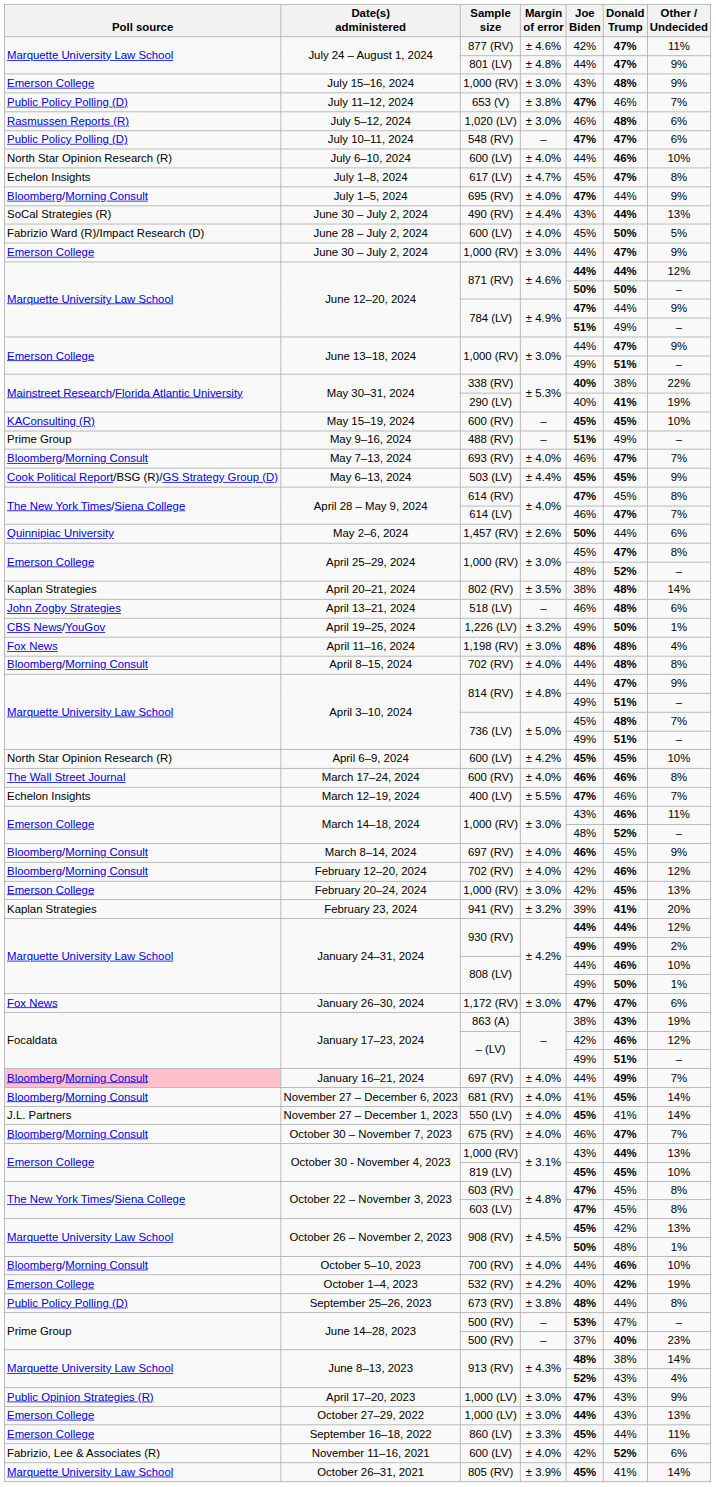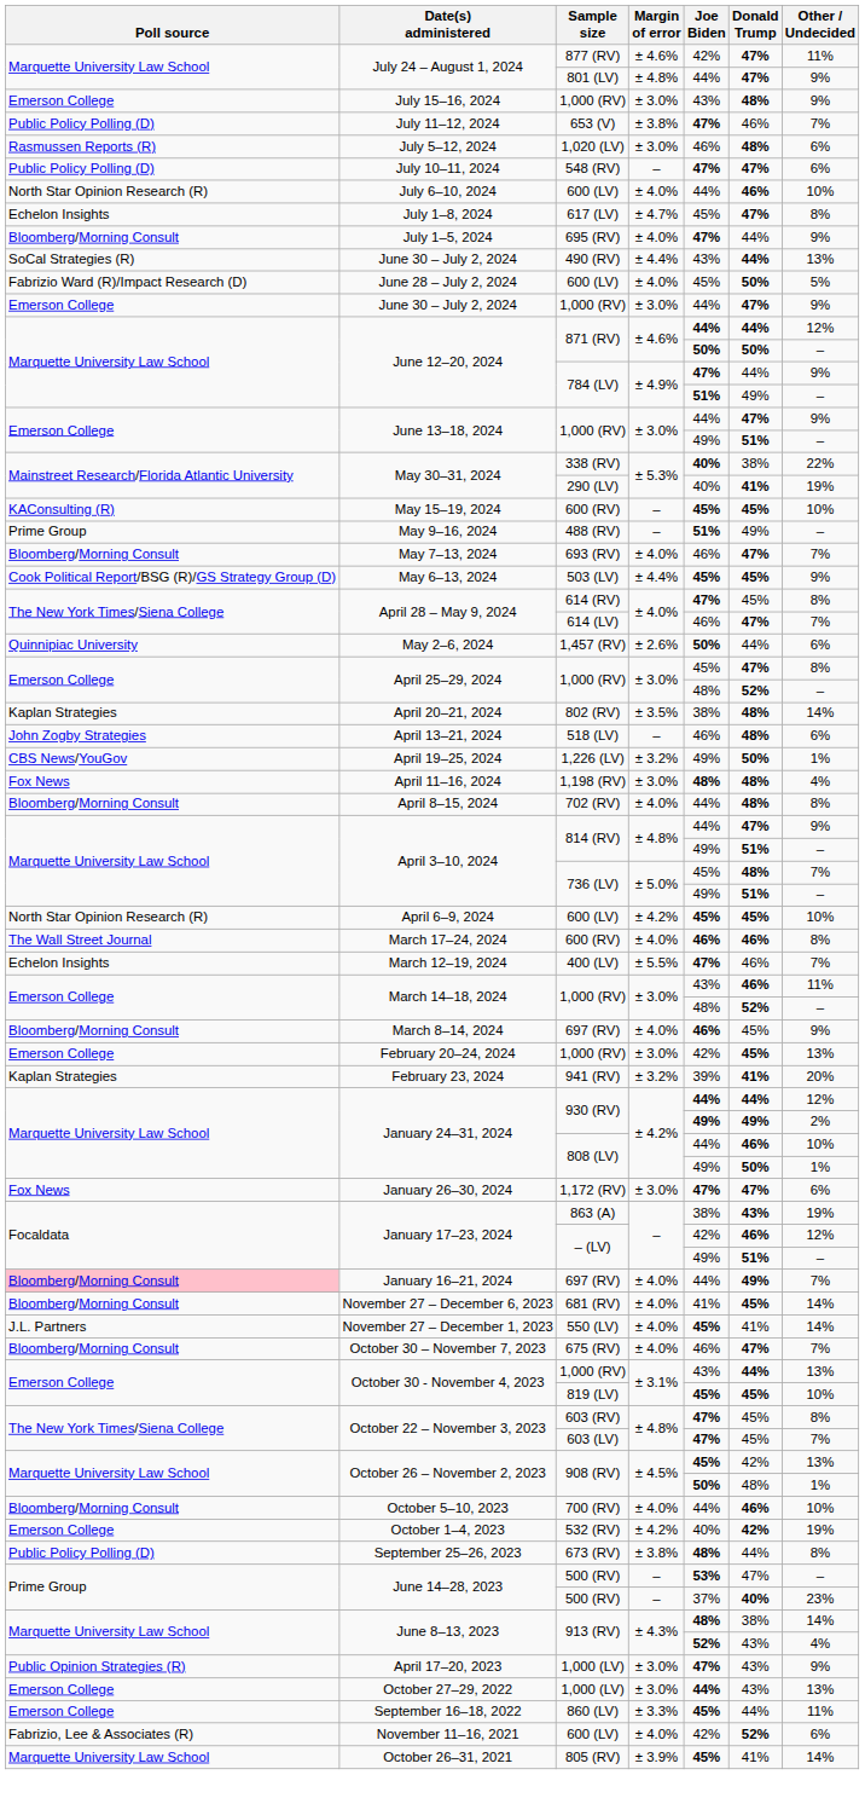 <table class="wikitable sortable mw-datatable" style="font-size:90%;text-align:center;line-height:17px">
 <tr valign=bottom>
 <th>Poll source</th>
 <th>Date(s)<br>administered</th>
 <th>Sample<br>size</th>
 <th>Margin<br>of error</th>
 <th class="unsortable">Joe<br>Biden<br></th>
 <th class="unsortable">Donald<br>Trump<br></th>
 <th class="unsortable">Other /<br>Undecided</th>
 </tr>
 <tr>
 <td style="text-align:left;" rowspan="2"><a href='#'>Marquette University Law School</a></td>
 <td rowspan="2">July 24 – August 1, 2024</td>
 <td>877 (RV)</td>
 <td>± 4.6%</td>
 <td>42%</td>
 <td style="background-color:"><strong>47%</strong></td>
 <td>11%</td>
 </tr>
 <tr>
 <td>801 (LV)</td>
 <td>± 4.8%</td>
 <td>44%</td>
 <td style="background-color:"><strong>47%</strong></td>
 <td>9%</td>
 </tr>
 <tr>
 <td style="text-align:left;"><a href='#'>Emerson College</a></td>
 <td data-sort-value="2024-07-18">July 15–16, 2024</td>
 <td>1,000 (RV)</td>
 <td>± 3.0%</td>
 <td>43%</td>
 <td style="background-color:"><strong>48%</strong></td>
 <td>9%</td>
 </tr>
 <tr>
 <td style="text-align:left;"><a href='#'>Public Policy Polling (D)</a></td>
 <td data-sort-value="2024-07-17">July 11–12, 2024</td>
 <td>653 (V)</td>
 <td>± 3.8%</td>
 <td style="color:black;background-color:"><strong>47%</strong></td>
 <td>46%</td>
 <td>7%</td>
 </tr>
 <tr>
 <td style="text-align:left;"><a href='#'>Rasmussen Reports (R)</a></td>
 <td data-sort-value="2024-07-19">July 5–12, 2024</td>
 <td>1,020 (LV)</td>
 <td>± 3.0%</td>
 <td>46%</td>
 <td style="background-color:"><strong>48%</strong></td>
 <td>6%</td>
 </tr>
 <tr>
 <td style="text-align:left;"><a href='#'>Public Policy Polling (D)</a></td>
 <td data-sort-value="2024-07-22">July 10–11, 2024</td>
 <td>548 (RV)</td>
 <td>–</td>
 <td><strong>47%</strong></td>
 <td><strong>47%</strong></td>
 <td>6%</td>
 </tr>
 <tr>
 <td style="text-align:left;">North Star Opinion Research (R)</td>
 <td data-sort-value="2024-06-20">July 6–10, 2024</td>
 <td>600 (LV)</td>
 <td>± 4.0%</td>
 <td>44%</td>
 <td style="background-color:"><strong>46%</strong></td>
 <td>10%</td>
 </tr>
 <tr>
 <td style="text-align:left;">Echelon Insights</td>
 <td data-sort-value="2024-07-08">July 1–8, 2024</td>
 <td>617 (LV)</td>
 <td>± 4.7%</td>
 <td>45%</td>
 <td style="background-color:"><strong>47%</strong></td>
 <td>8%</td>
 </tr>
 <tr>
 <td style="text-align:left;"><a href='#'>Bloomberg</a>/<a href='#'>Morning Consult</a></td>
 <td data-sort-value="2024-07-06">July 1–5, 2024</td>
 <td>695 (RV)</td>
 <td>± 4.0%</td>
 <td style="color:black;background-color:"><strong>47%</strong></td>
 <td>44%</td>
 <td>9%</td>
 </tr>
 <tr>
 <td style="text-align:left;">SoCal Strategies (R)</td>
 <td data-sort-value="2024-07-02">June 30 – July 2, 2024</td>
 <td>490 (RV)</td>
 <td>± 4.4%</td>
 <td>43%</td>
 <td style="background-color:"><strong>44%</strong></td>
 <td>13%</td>
 </tr>
 <tr>
 <td style="text-align:left;">Fabrizio Ward (R)/Impact Research (D)</td>
 <td data-sort-value="2024-07-02">June 28 – July 2, 2024</td>
 <td>600 (LV)</td>
 <td>± 4.0%</td>
 <td>45%</td>
 <td style="background-color:"><strong>50%</strong></td>
 <td>5%</td>
 </tr>
 <tr>
 <td style="text-align:left;"><a href='#'>Emerson College</a></td>
 <td data-sort-value="2024-07-08">June 30 – July 2, 2024</td>
 <td>1,000 (RV)</td>
 <td>± 3.0%</td>
 <td>44%</td>
 <td style="background-color:"><strong>47%</strong></td>
 <td>9%</td>
 </tr>
 <tr>
 <td style="text-align:left;" rowspan="4"><a href='#'>Marquette University Law School</a></td>
 <td rowspan="4">June 12–20, 2024</td>
 <td rowspan="2">871 (RV)</td>
 <td rowspan="2">± 4.6%</td>
 <td><strong>44%</strong></td>
 <td><strong>44%</strong></td>
 <td>12%</td>
 </tr>
 <tr>
 <td><strong>50%</strong></td>
 <td><strong>50%</strong></td>
 <td>–</td>
 </tr>
 <tr>
 <td rowspan="2">784 (LV)</td>
 <td rowspan="2">± 4.9%</td>
 <td style="color:black;background-color:"><strong>47%</strong></td>
 <td>44%</td>
 <td>9%</td>
 </tr>
 <tr>
 <td style="color:black;background-color:"><strong>51%</strong></td>
 <td>49%</td>
 <td>–</td>
 </tr>
 <tr>
 <td style="text-align:left;" rowspan="2"><a href='#'>Emerson College</a></td>
 <td rowspan="2">June 13–18, 2024</td>
 <td rowspan="2">1,000 (RV)</td>
 <td rowspan="2">± 3.0%</td>
 <td>44%</td>
 <td style="background-color:"><strong>47%</strong></td>
 <td>9%</td>
 </tr>
 <tr>
 <td>49%</td>
 <td style="background-color:"><strong>51%</strong></td>
 <td>–</td>
 </tr>
 <tr>
 <td style="text-align:left;" rowspan="2"><a href='#'>Mainstreet Research</a>/<a href='#'>Florida Atlantic University</a></td>
 <td rowspan="2">May 30–31, 2024</td>
 <td>338 (RV)</td>
 <td rowspan="2">± 5.3%</td>
 <td style="color:black;background-color:"><strong>40%</strong></td>
 <td>38%</td>
 <td>22%</td>
 </tr>
 <tr>
 <td>290 (LV)</td>
 <td>40%</td>
 <td style="background-color:"><strong>41%</strong></td>
 <td>19%</td>
 </tr>
 <tr>
 <td style="text-align:left;"><a href='#'>KAConsulting (R)</a></td>
 <td data-sort-value="2024-05-19">May 15–19, 2024</td>
 <td>600 (RV)</td>
 <td>–</td>
 <td><strong>45%</strong></td>
 <td><strong>45%</strong></td>
 <td>10%</td>
 </tr>
 <tr>
 <td style="text-align:left;">Prime Group</td>
 <td data-sort-value="2024-05-22">May 9–16, 2024</td>
 <td>488 (RV)</td>
 <td>–</td>
 <td style="color:black;background-color:"><strong>51%</strong></td>
 <td>49%</td>
 <td>–</td>
 </tr>
 <tr>
 <td style="text-align:left;"><a href='#'>Bloomberg</a>/<a href='#'>Morning Consult</a></td>
 <td data-sort-value="2024-05-22">May 7–13, 2024</td>
 <td>693 (RV)</td>
 <td>± 4.0%</td>
 <td>46%</td>
 <td style="background-color:"><strong>47%</strong></td>
 <td>7%</td>
 </tr>
 <tr>
 <td style="text-align:left;"><a href='#'>Cook Political Report</a>/BSG (R)/<a href='#'>GS Strategy Group (D)</a></td>
 <td data-sort-value="2024-05-24">May 6–13, 2024</td>
 <td>503 (LV)</td>
 <td>± 4.4%</td>
 <td><strong>45%</strong></td>
 <td><strong>45%</strong></td>
 <td>9%</td>
 </tr>
 <tr>
 <td style="text-align:left;" rowspan="2"><a href='#'>The New York Times</a>/<a href='#'>Siena College</a></td>
 <td rowspan="2">April 28 – May 9, 2024</td>
 <td>614 (RV)</td>
 <td rowspan="2">± 4.0%</td>
 <td style="color:black;background-color:"><strong>47%</strong></td>
 <td>45%</td>
 <td>8%</td>
 </tr>
 <tr>
 <td>614 (LV)</td>
 <td>46%</td>
 <td style="background-color:"><strong>47%</strong></td>
 <td>7%</td>
 </tr>
 <tr>
 <td style="text-align:left;"><a href='#'>Quinnipiac University</a></td>
 <td data-sort-value="2024-05-08">May 2–6, 2024</td>
 <td>1,457 (RV)</td>
 <td>± 2.6%</td>
 <td style="color:black;background-color:"><strong>50%</strong></td>
 <td>44%</td>
 <td>6%</td>
 </tr>
 <tr>
 <td style="text-align:left;" rowspan="2"><a href='#'>Emerson College</a></td>
 <td rowspan="2">April 25–29, 2024</td>
 <td rowspan="2">1,000 (RV)</td>
 <td rowspan="2">± 3.0%</td>
 <td>45%</td>
 <td style="background-color:"><strong>47%</strong></td>
 <td>8%</td>
 </tr>
 <tr>
 <td>48%</td>
 <td style="background-color:"><strong>52%</strong></td>
 <td>–</td>
 </tr>
 <tr>
 <td style="text-align:left;">Kaplan Strategies</td>
 <td data-sort-value="2024-04-18">April 20–21, 2024</td>
 <td>802 (RV)</td>
 <td>± 3.5%</td>
 <td>38%</td>
 <td style="background-color:"><strong>48%</strong></td>
 <td>14%</td>
 </tr>
 <tr>
 <td style="text-align:left;"><a href='#'>John Zogby Strategies</a></td>
 <td data-sort-value="2024-05-01">April 13–21, 2024</td>
 <td>518 (LV)</td>
 <td>–</td>
 <td>46%</td>
 <td style="background-color:"><strong>48%</strong></td>
 <td>6%</td>
 </tr>
 <tr>
 <td style="text-align:left;"><a href='#'>CBS News</a>/<a href='#'>YouGov</a></td>
 <td data-sort-value="2024-04-18">April 19–25, 2024</td>
 <td>1,226 (LV)</td>
 <td>± 3.2%</td>
 <td>49%</td>
 <td style="background-color:"><strong>50%</strong></td>
 <td>1%</td>
 </tr>
 <tr>
 <td style="text-align:left;"><a href='#'>Fox News</a></td>
 <td data-sort-value="2024-04-18">April 11–16, 2024</td>
 <td>1,198 (RV)</td>
 <td>± 3.0%</td>
 <td><strong>48%</strong></td>
 <td><strong>48%</strong></td>
 <td>4%</td>
 </tr>
 <tr>
 <td style="text-align:left;"><a href='#'>Bloomberg</a>/<a href='#'>Morning Consult</a></td>
 <td data-sort-value="2024-04-24">April 8–15, 2024</td>
 <td>702 (RV)</td>
 <td>± 4.0%</td>
 <td>44%</td>
 <td style="background-color:"><strong>48%</strong></td>
 <td>8%</td>
 </tr>
 <tr>
 <td style="text-align:left;" rowspan="4"><a href='#'>Marquette University Law School</a></td>
 <td rowspan="4">April 3–10, 2024</td>
 <td rowspan="2">814 (RV)</td>
 <td rowspan="2">± 4.8%</td>
 <td>44%</td>
 <td style="background-color:"><strong>47%</strong></td>
 <td>9%</td>
 </tr>
 <tr>
 <td>49%</td>
 <td style="background-color:"><strong>51%</strong></td>
 <td>–</td>
 </tr>
 <tr>
 <td rowspan="2">736 (LV)</td>
 <td rowspan="2">± 5.0%</td>
 <td>45%</td>
 <td style="background-color:"><strong>48%</strong></td>
 <td>7%</td>
 </tr>
 <tr>
 <td>49%</td>
 <td style="background-color:"><strong>51%</strong></td>
 <td>–</td>
 </tr>
 <tr>
 <td style="text-align:left;">North Star Opinion Research (R)</td>
 <td data-sort-value="2024-04-17">April 6–9, 2024</td>
 <td>600 (LV)</td>
 <td>± 4.2%</td>
 <td><strong>45%</strong></td>
 <td><strong>45%</strong></td>
 <td>10%</td>
 </tr>
 <tr>
 <td style="text-align:left;"><a href='#'>The Wall Street Journal</a></td>
 <td data-sort-value="2024-04-02">March 17–24, 2024</td>
 <td>600 (RV)</td>
 <td>± 4.0%</td>
 <td><strong>46%</strong></td>
 <td><strong>46%</strong></td>
 <td>8%</td>
 </tr>
 <tr>
 <td style="text-align:left;">Echelon Insights</td>
 <td data-sort-value="2024-04-15">March 12–19, 2024</td>
 <td>400 (LV)</td>
 <td>± 5.5%</td>
 <td style="color:black;background-color:"><strong>47%</strong></td>
 <td>46%</td>
 <td>7%</td>
 </tr>
 <tr>
 <td style="text-align:left;" rowspan="2"><a href='#'>Emerson College</a></td>
 <td rowspan="2">March 14–18, 2024</td>
 <td rowspan="2">1,000 (RV)</td>
 <td rowspan="2">± 3.0%</td>
 <td>43%</td>
 <td style="background-color:"><strong>46%</strong></td>
 <td>11%</td>
 </tr>
 <tr>
 <td>48%</td>
 <td style="background-color:"><strong>52%</strong></td>
 <td>–</td>
 </tr>
 <tr>
 <td style="text-align:left;"><a href='#'>Bloomberg</a>/<a href='#'>Morning Consult</a></td>
 <td data-sort-value="2024-03-26">March 8–14, 2024</td>
 <td>697 (RV)</td>
 <td>± 4.0%</td>
 <td style="color:black;background-color:"><strong>46%</strong></td>
 <td>45%</td>
 <td>9%</td>
 </tr>
 <tr>
-<td style="text-align:left;"><a href='#'>Bloomberg</a>/<a href='#'>Morning Consult</a></td>
-<td data-sort-value="2024-02-29">February 12–20, 2024</td>
-<td>702 (RV)</td>
-<td>± 4.0%</td>
-<td>42%</td>
-<td style="background-color:"><strong>46%</strong></td>
-<td>12%</td>
-</tr>
-<tr>
 <td style="text-align:left;"><a href='#'>Emerson College</a></td>
 <td data-sort-value="2024-02-26">February 20–24, 2024</td>
 <td>1,000 (RV)</td>
 <td>± 3.0%</td>
 <td>42%</td>
 <td style="background-color:"><strong>45%</strong></td>
 <td>13%</td>
 </tr>
 <tr>
 <td style="text-align:left;">Kaplan Strategies</td>
 <td data-sort-value="2024-02-26">February 23, 2024</td>
 <td>941 (RV)</td>
 <td>± 3.2%</td>
 <td>39%</td>
 <td style="background-color:"><strong>41%</strong></td>
 <td>20%</td>
 </tr>
 <tr>
 <td style="text-align:left;" rowspan="4"><a href='#'>Marquette University Law School</a></td>
 <td rowspan="4">January 24–31, 2024</td>
 <td rowspan="2">930 (RV)</td>
 <td rowspan="4">± 4.2%</td>
 <td><strong>44%</strong></td>
 <td><strong>44%</strong></td>
 <td>12%</td>
 </tr>
 <tr>
 <td><strong>49%</strong></td>
 <td><strong>49%</strong></td>
 <td>2%</td>
 </tr>
 <tr>
 <td rowspan="2">808 (LV)</td>
 <td>44%</td>
 <td style="background-color:"><strong>46%</strong></td>
 <td>10%</td>
 </tr>
 <tr>
 <td>49%</td>
 <td style="background-color:"><strong>50%</strong></td>
 <td>1%</td>
 </tr>
 <tr>
 <td style="text-align:left;"><a href='#'>Fox News</a></td>
 <td data-sort-value="2024-02-01">January 26–30, 2024</td>
 <td>1,172 (RV)</td>
 <td>± 3.0%</td>
 <td><strong>47%</strong></td>
 <td><strong>47%</strong></td>
 <td>6%</td>
 </tr>
 <tr>
 <td style="text-align:left;" rowspan="3">Focaldata</td>
 <td rowspan="3">January 17–23, 2024</td>
 <td>863 (A)</td>
 <td rowspan="3">–</td>
 <td>38%</td>
 <td style="background-color:"><strong>43%</strong></td>
 <td>19%</td>
 </tr>
 <tr>
 <td rowspan="2">– (LV)</td>
 <td>42%</td>
 <td style="background-color:"><strong>46%</strong></td>
 <td>12%</td>
 </tr>
 <tr>
 <td>49%</td>
 <td style="background-color:"><strong>51%</strong></td>
 <td>–</td>
 </tr>
 <tr>
 <td style="background: pink; text-align:left;"><a href='#'>Bloomberg</a>/<a href='#'>Morning Consult</a></td>
 <td data-sort-value="2024-01-31">January 16–21, 2024</td>
 <td>697 (RV)</td>
 <td>± 4.0%</td>
 <td>44%</td>
 <td style="background-color:"><strong>49%</strong></td>
 <td>7%</td>
 </tr>
 <tr>
 <td style="text-align:left;"><a href='#'>Bloomberg</a>/<a href='#'>Morning Consult</a></td>
 <td data-sort-value="2023-12-14">November 27 – December 6, 2023</td>
 <td>681 (RV)</td>
 <td>± 4.0%</td>
 <td>41%</td>
 <td style="background-color:"><strong>45%</strong></td>
 <td>14%</td>
 </tr>
 <tr>
 <td style="text-align:left;">J.L. Partners</td>
 <td data-sort-value="2023-11-09">November 27 – December 1, 2023</td>
 <td>550 (LV)</td>
 <td>± 4.0%</td>
 <td style="color:black;background-color:"><strong>45%</strong></td>
 <td>41%</td>
 <td>14%</td>
 </tr>
 <tr>
 <td style="text-align:left;"><a href='#'>Bloomberg</a>/<a href='#'>Morning Consult</a></td>
 <td data-sort-value="2023-11-09">October 30 – November 7, 2023</td>
 <td>675 (RV)</td>
 <td>± 4.0%</td>
 <td>46%</td>
 <td style="background-color:"><strong>47%</strong></td>
 <td>7%</td>
 </tr>
 <tr>
 <td style="text-align:left;" rowspan="2"><a href='#'>Emerson College</a></td>
 <td rowspan="2">October 30 - November 4, 2023</td>
 <td>1,000 (RV)</td>
 <td rowspan="2">± 3.1%</td>
 <td>43%</td>
 <td style="background-color:"><strong>44%</strong></td>
 <td>13%</td>
 </tr>
 <tr>
 <td>819 (LV)</td>
 <td><strong>45%</strong></td>
 <td><strong>45%</strong></td>
 <td>10%</td>
 </tr>
 <tr>
 <td style="text-align:left;" rowspan="2"><a href='#'>The New York Times</a>/<a href='#'>Siena College</a></td>
 <td rowspan="2">October 22 – November 3, 2023</td>
 <td>603 (RV)</td>
 <td rowspan="2">± 4.8%</td>
 <td style="color:black;background-color:"><strong>47%</strong></td>
 <td>45%</td>
 <td>8%</td>
 </tr>
 <tr>
 <td>603 (LV)</td>
 <td style="color:black;background-color:"><strong>47%</strong></td>
 <td>45%</td>
-<td>8%</td>
+<td>7%</td>
 </tr>
 <tr>
 <td style="text-align:left;" rowspan="2"><a href='#'>Marquette University Law School</a></td>
 <td rowspan="2">October 26 – November 2, 2023</td>
 <td rowspan="2">908 (RV)</td>
 <td rowspan="2">± 4.5%</td>
 <td style="color:black;background-color:"><strong>45%</strong></td>
 <td>42%</td>
 <td>13%</td>
 </tr>
 <tr>
 <td style="color:black;background-color:"><strong>50%</strong></td>
 <td>48%</td>
 <td>1%</td>
 </tr>
 <tr>
 <td style="text-align:left;"><a href='#'>Bloomberg</a>/<a href='#'>Morning Consult</a></td>
 <td data-sort-value="2023-10-19">October 5–10, 2023</td>
 <td>700 (RV)</td>
 <td>± 4.0%</td>
 <td>44%</td>
 <td style="background-color:"><strong>46%</strong></td>
 <td>10%</td>
 </tr>
 <tr>
 <td style="text-align:left;"><a href='#'>Emerson College</a></td>
 <td data-sort-value="2023-10-12">October 1–4, 2023</td>
 <td>532 (RV)</td>
 <td>± 4.2%</td>
 <td>40%</td>
 <td style="background-color:"><strong>42%</strong></td>
 <td>19%</td>
 </tr>
 <tr>
 <td style="text-align:left;"><a href='#'>Public Policy Polling (D)</a></td>
 <td data-sort-value="2023-06-13">September 25–26, 2023</td>
 <td>673 (RV)</td>
 <td>± 3.8%</td>
 <td style="color:black;background-color:"><strong>48%</strong></td>
 <td>44%</td>
 <td>8%</td>
 </tr>
 <tr>
 <td style="text-align:left;" rowspan="2">Prime Group</td>
 <td rowspan="2">June 14–28, 2023</td>
 <td>500 (RV)</td>
 <td>–</td>
 <td style="color:black;background-color:"><strong>53%</strong></td>
 <td>47%</td>
 <td>–</td>
 </tr>
 <tr>
 <td>500 (RV)</td>
 <td>–</td>
 <td>37%</td>
 <td style="background-color:"><strong>40%</strong></td>
 <td>23%</td>
 </tr>
 <tr>
 <td style="text-align:left;" rowspan="2"><a href='#'>Marquette University Law School</a></td>
 <td rowspan="2">June 8–13, 2023</td>
 <td rowspan="2">913 (RV)</td>
 <td rowspan="2">± 4.3%</td>
 <td style="color:black;background-color:"><strong>48%</strong></td>
 <td>38%</td>
 <td>14%</td>
 </tr>
 <tr>
 <td style="color:black;background-color:"><strong>52%</strong></td>
 <td>43%</td>
 <td>4%</td>
 </tr>
 <tr>
 <td style="text-align:left;"><a href='#'>Public Opinion Strategies (R)</a></td>
 <td data-sort-value="2022-10-29">April 17–20, 2023</td>
 <td>1,000 (LV)</td>
 <td>± 3.0%</td>
 <td style="color:black;background-color:"><strong>47%</strong></td>
 <td>43%</td>
 <td>9%</td>
 </tr>
 <tr>
 <td style="text-align:left;"><a href='#'>Emerson College</a></td>
 <td data-sort-value="2022-10-29">October 27–29, 2022</td>
 <td>1,000 (LV)</td>
 <td>± 3.0%</td>
 <td style="color:black;background-color:"><strong>44%</strong></td>
 <td>43%</td>
 <td>13%</td>
 </tr>
 <tr>
 <td style="text-align:left;"><a href='#'>Emerson College</a></td>
 <td data-sort-value="2022-09-18">September 16–18, 2022</td>
 <td>860 (LV)</td>
 <td>± 3.3%</td>
 <td style="color:black;background-color:"><strong>45%</strong></td>
 <td>44%</td>
 <td>11%</td>
 </tr>
 <tr>
 <td style="text-align:left;">Fabrizio, Lee & Associates (R)</td>
 <td data-sort-value="2021-11-16">November 11–16, 2021</td>
 <td>600 (LV)</td>
 <td>± 4.0%</td>
 <td>42%</td>
 <td style="background-color:"><strong>52%</strong></td>
 <td>6%</td>
 </tr>
 <tr>
 <td style="text-align:left;"><a href='#'>Marquette University Law School</a></td>
 <td data-sort-value="2021-10-31">October 26–31, 2021</td>
 <td>805 (RV)</td>
 <td>± 3.9%</td>
 <td style="color:black;background-color:"><strong>45%</strong></td>
 <td>41%</td>
 <td>14%</td>
 </tr>
 </table>
